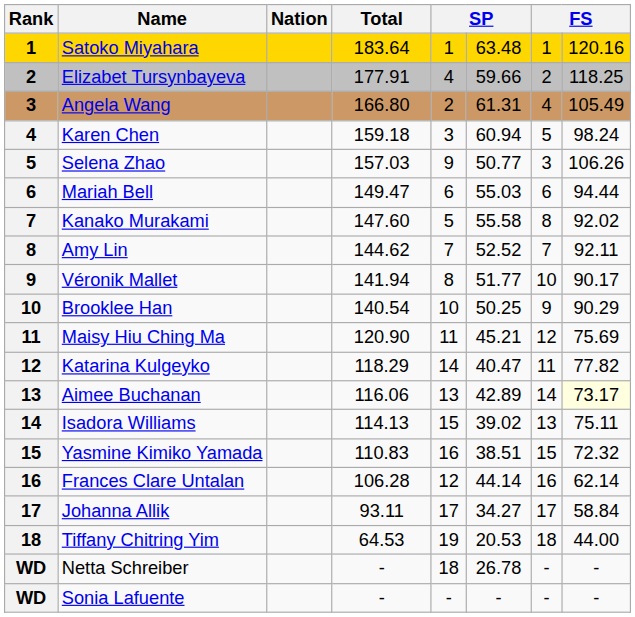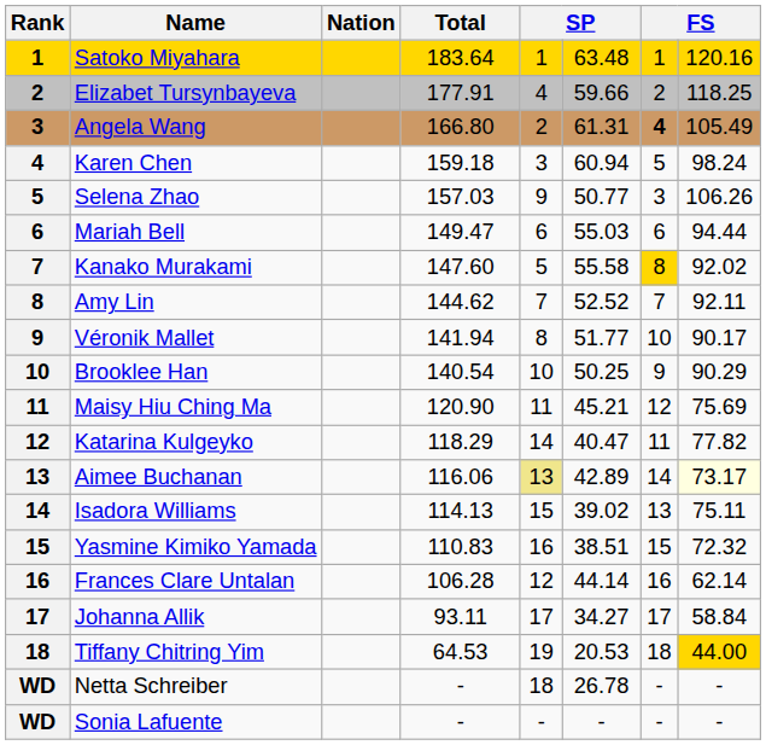 <table class="wikitable sortable">
 <tr>
 <th>Rank</th>
 <th>Name</th>
 <th>Nation</th>
 <th width="80px">Total</th>
 <th colspan="2" width="80px"><a href='#'>SP</a></th>
 <th colspan="2" width="80px"><a href='#'>FS</a></th>
 </tr>
 <tr bgcolor="gold">
 <td align="center"><strong>1</strong></td>
 <td><a href='#'>Satoko Miyahara</a></td>
 <td></td>
 <td align="center">183.64</td>
 <td align="center">1</td>
 <td align="center">63.48</td>
 <td align="center">1</td>
 <td align="center">120.16</td>
 </tr>
 <tr bgcolor="silver">
 <td align="center"><strong>2</strong></td>
 <td><a href='#'>Elizabet Tursynbayeva</a></td>
 <td></td>
 <td align="center">177.91</td>
 <td align="center">4</td>
 <td align="center">59.66</td>
 <td align="center">2</td>
 <td align="center">118.25</td>
 </tr>
 <tr bgcolor="cc9966">
 <td align="center"><strong>3</strong></td>
 <td><a href='#'>Angela Wang</a></td>
 <td></td>
 <td align="center">166.80</td>
 <td align="center">2</td>
 <td align="center">61.31</td>
-<td align="center">4</td>
+<td align="center"><strong>4</strong></td>
 <td align="center">105.49</td>
 </tr>
 <tr>
 <th>4</th>
 <td><a href='#'>Karen Chen</a></td>
 <td></td>
 <td align="center">159.18</td>
 <td align="center">3</td>
 <td align="center">60.94</td>
 <td align="center">5</td>
 <td align="center">98.24</td>
 </tr>
 <tr>
 <th>5</th>
 <td><a href='#'>Selena Zhao</a></td>
 <td></td>
 <td align="center">157.03</td>
 <td align="center">9</td>
 <td align="center">50.77</td>
 <td align="center">3</td>
 <td align="center">106.26</td>
 </tr>
 <tr>
 <th>6</th>
 <td><a href='#'>Mariah Bell</a></td>
 <td></td>
 <td align="center">149.47</td>
 <td align="center">6</td>
 <td align="center">55.03</td>
 <td align="center">6</td>
 <td align="center">94.44</td>
 </tr>
 <tr>
 <th>7</th>
 <td><a href='#'>Kanako Murakami</a></td>
 <td></td>
 <td align="center">147.60</td>
 <td align="center">5</td>
 <td align="center">55.58</td>
-<td align="center">8</td>
+<td align="center" style="background: gold;">8</td>
 <td align="center">92.02</td>
 </tr>
 <tr>
 <th>8</th>
 <td><a href='#'>Amy Lin</a></td>
 <td></td>
 <td align="center">144.62</td>
 <td align="center">7</td>
 <td align="center">52.52</td>
 <td align="center">7</td>
 <td align="center">92.11</td>
 </tr>
 <tr>
 <th>9</th>
 <td><a href='#'>Véronik Mallet</a></td>
 <td></td>
 <td align="center">141.94</td>
 <td align="center">8</td>
 <td align="center">51.77</td>
 <td align="center">10</td>
 <td align="center">90.17</td>
 </tr>
 <tr>
 <th>10</th>
 <td><a href='#'>Brooklee Han</a></td>
 <td></td>
 <td align="center">140.54</td>
 <td align="center">10</td>
 <td align="center">50.25</td>
 <td align="center">9</td>
 <td align="center">90.29</td>
 </tr>
 <tr>
 <th>11</th>
 <td><a href='#'>Maisy Hiu Ching Ma</a></td>
 <td></td>
 <td align="center">120.90</td>
 <td align="center">11</td>
 <td align="center">45.21</td>
 <td align="center">12</td>
 <td align="center">75.69</td>
 </tr>
 <tr>
 <th>12</th>
 <td><a href='#'>Katarina Kulgeyko</a></td>
 <td></td>
 <td align="center">118.29</td>
 <td align="center">14</td>
 <td align="center">40.47</td>
 <td align="center">11</td>
 <td align="center">77.82</td>
 </tr>
 <tr>
 <th>13</th>
 <td><a href='#'>Aimee Buchanan</a></td>
 <td></td>
 <td align="center">116.06</td>
-<td align="center">13</td>
+<td align="center" style="background: khaki;">13</td>
 <td align="center">42.89</td>
 <td align="center">14</td>
 <td align="center" style="background: lightyellow;">73.17</td>
 </tr>
 <tr>
 <th>14</th>
 <td><a href='#'>Isadora Williams</a></td>
 <td></td>
 <td align="center">114.13</td>
 <td align="center">15</td>
 <td align="center">39.02</td>
 <td align="center">13</td>
 <td align="center">75.11</td>
 </tr>
 <tr>
 <th>15</th>
 <td><a href='#'>Yasmine Kimiko Yamada</a></td>
 <td></td>
 <td align="center">110.83</td>
 <td align="center">16</td>
 <td align="center">38.51</td>
 <td align="center">15</td>
 <td align="center">72.32</td>
 </tr>
 <tr>
 <th>16</th>
 <td><a href='#'>Frances Clare Untalan</a></td>
 <td></td>
 <td align="center">106.28</td>
 <td align="center">12</td>
 <td align="center">44.14</td>
 <td align="center">16</td>
 <td align="center">62.14</td>
 </tr>
 <tr>
 <th>17</th>
 <td><a href='#'>Johanna Allik</a></td>
 <td></td>
 <td align="center">93.11</td>
 <td align="center">17</td>
 <td align="center">34.27</td>
 <td align="center">17</td>
 <td align="center">58.84</td>
 </tr>
 <tr>
 <th>18</th>
 <td><a href='#'>Tiffany Chitring Yim</a></td>
 <td></td>
 <td align="center">64.53</td>
 <td align="center">19</td>
 <td align="center">20.53</td>
 <td align="center">18</td>
-<td align="center">44.00</td>
+<td align="center" style="background: gold;">44.00</td>
 </tr>
 <tr>
 <th>WD</th>
 <td>Netta Schreiber</td>
 <td></td>
 <td align="center">-</td>
 <td align="center">18</td>
 <td align="center">26.78</td>
 <td align="center">-</td>
 <td align="center">-</td>
 </tr>
 <tr>
 <th>WD</th>
 <td><a href='#'>Sonia Lafuente</a></td>
 <td></td>
 <td align="center">-</td>
 <td align="center">-</td>
 <td align="center">-</td>
 <td align="center">-</td>
 <td align="center">-</td>
 </tr>
 </table>
